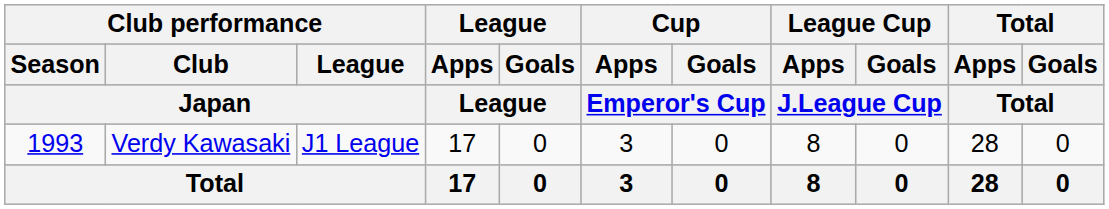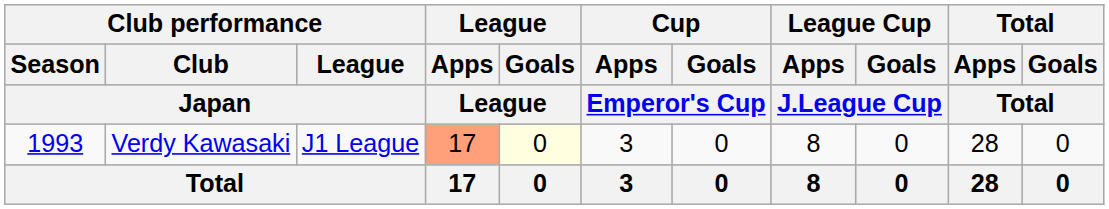 <table class="wikitable" style="text-align:center;">
 <tr>
 <th colspan=3>Club performance</th>
 <th colspan=2>League</th>
 <th colspan=2>Cup</th>
 <th colspan=2>League Cup</th>
 <th colspan=2>Total</th>
 </tr>
 <tr>
 <th>Season</th>
 <th>Club</th>
 <th>League</th>
 <th>Apps</th>
 <th>Goals</th>
 <th>Apps</th>
 <th>Goals</th>
 <th>Apps</th>
 <th>Goals</th>
 <th>Apps</th>
 <th>Goals</th>
 </tr>
 <tr>
 <th colspan=3>Japan</th>
 <th colspan=2>League</th>
 <th colspan=2><a href='#'>Emperor's Cup</a></th>
 <th colspan=2><a href='#'>J.League Cup</a></th>
 <th colspan=2>Total</th>
 </tr>
 <tr>
 <td><a href='#'>1993</a></td>
 <td><a href='#'>Verdy Kawasaki</a></td>
 <td><a href='#'>J1 League</a></td>
-<td>17</td>
-<td>0</td>
+<td style="background: lightsalmon;">17</td>
+<td style="background: lightyellow;">0</td>
 <td>3</td>
 <td>0</td>
 <td>8</td>
 <td>0</td>
 <td>28</td>
 <td>0</td>
 </tr>
 <tr>
 <th colspan=3>Total</th>
 <th>17</th>
 <th>0</th>
 <th>3</th>
 <th>0</th>
 <th>8</th>
 <th>0</th>
 <th>28</th>
 <th>0</th>
 </tr>
 </table>
